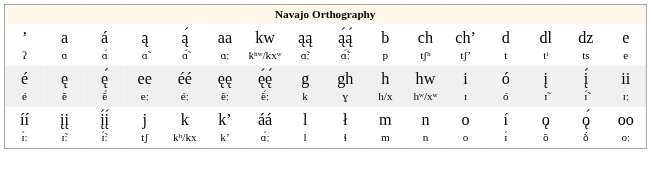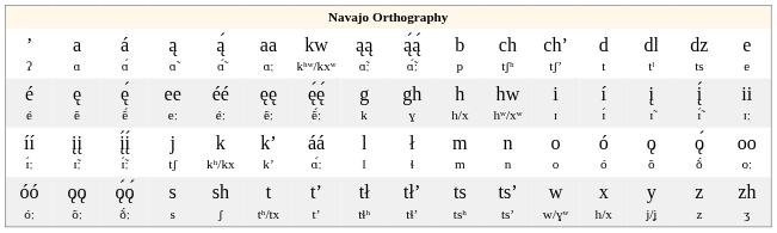 <table border="0" cellpadding="5" cellspacing="0" class="Unicode" style="vertical-align:top; border-collapse:collapse; border:1px solid #808080; text-align:center; clear:both;">
 <tr>
 <th colspan=16 style="background-color:#fff7e9; font-family:inherit; font-weight:normal;"><strong>Navajo Orthography</strong></th>
 </tr>
 <tr style="vertical-align:top; background:#ffffff; font-size:larger;">
 <td style="width:6.25%;"><big>ʼ</big><br><small>ʔ</small></td>
 <td style="width:6.25%;"><big>a</big><br><small>ɑ</small></td>
 <td style="width:6.25%;"><big>á</big><br><small>ɑ́</small></td>
 <td style="width:6.25%;"><big>ą</big><br><small>ɑ̃</small></td>
 <td style="width:6.25%;"><big>ą́</big><br><small>ɑ̃́</small></td>
 <td style="width:6.25%;"><big>aa</big><br><small>ɑː</small></td>
 <td style="width:6.25%;"><big>kw</big><br><small> kʰʷ/kxʷ</small></td>
 <td style="width:6.25%;"><big>ąą</big><br><small>ɑ̃ː</small></td>
 <td style="width:6.25%;"><big>ą́ą́</big><br><small>ɑ̃́ː</small></td>
 <td style="width:6.25%;"><big>b</big><br><small>p</small></td>
 <td style="width:6.25%;"><big>ch</big><br><small>tʃʰ</small></td>
 <td style="width:6.25%;"><big>chʼ</big><br><small>tʃʼ</small></td>
 <td style="width:6.25%;"><big>d</big><br><small>t</small></td>
 <td style="width:6.25%;"><big>dl</big><br><small>tˡ</small></td>
 <td style="width:6.25%;"><big>dz</big><br><small>ts</small></td>
 <td style="width:6.25%;"><big>e</big><br><small>e</small></td>
 </tr>
 <tr style="vertical-align:top; background:#f0f0f0; font-size:larger;">
 <td style="width:6.25%;"><big>é</big><br><small>é</small></td>
 <td style="width:6.25%;"><big>ę</big><br><small>ẽ</small></td>
 <td style="width:6.25%;"><big>ę́</big><br><small>ẽ́</small></td>
 <td style="width:6.25%;"><big>ee</big><br><small>eː</small></td>
 <td style="width:6.25%;"><big>éé</big><br><small>éː</small></td>
 <td style="width:6.25%;"><big>ęę</big><br><small>ẽː</small></td>
 <td style="width:6.25%;"><big>ę́ę́</big><br><small>ẽ́ː</small></td>
 <td style="width:6.25%;"><big>g</big><br><small>k</small></td>
 <td style="width:6.25%;"><big>gh</big><br><small>ɣ</small></td>
 <td style="width:6.25%;"><big>h</big><br><small>h/x</small></td>
 <td style="width:6.25%;"><big>hw</big><br><small>hʷ/xʷ</small></td>
 <td style="width:6.25%;"><big>i</big><br><small>ɪ</small></td>
-<td style="width:6.25%;"><big>ó</big><br><small>ó</small></td>
+<td style="width:6.25%;"><big>í</big><br><small>ɪ́</small></td>
 <td style="width:6.25%;"><big>į</big><br><small>ɪ̃</small></td>
 <td style="width:6.25%;"><big>į́</big><br><small>ɪ̃́</small></td>
 <td style="width:6.25%;"><big>ii</big><br><small>ɪː</small></td>
 </tr>
 <tr style="vertical-align:top; background:#ffffff; font-size:larger;">
 <td style="width:6.25%;"><big>íí</big><br><small>ɪ́ː</small></td>
 <td style="width:6.25%;"><big>įį</big><br><small>ɪ̃ː</small></td>
 <td style="width:6.25%;"><big>į́į́</big><br><small>ɪ̃́ː</small></td>
 <td style="width:6.25%;"><big>j</big><br><small>tʃ</small></td>
 <td style="width:6.25%;"><big>k</big><br><small>kʰ/kx</small></td>
 <td style="width:6.25%;"><big>kʼ</big><br><small>kʼ</small></td>
 <td style="width:6.25%;"><big>áá</big><br><small>ɑ́ː</small></td>
 <td style="width:6.25%;"><big>l</big><br><small>l</small></td>
 <td style="width:6.25%;"><big>ł</big><br><small>ɬ</small></td>
 <td style="width:6.25%;"><big>m</big><br><small>m</small></td>
 <td style="width:6.25%;"><big>n</big><br><small>n</small></td>
 <td style="width:6.25%;"><big>o</big><br><small>o</small></td>
-<td style="width:6.25%;"><big>í</big><br><small>ɪ́</small></td>
+<td style="width:6.25%;"><big>ó</big><br><small>ó</small></td>
 <td style="width:6.25%;"><big>ǫ</big><br><small>õ</small></td>
 <td style="width:6.25%;"><big>ǫ́</big><br><small>ṍ</small></td>
 <td style="width:6.25%;"><big>oo</big><br><small>oː</small></td>
 </tr>
+<tr style="vertical-align:top; background:#f0f0f0; font-size:larger;">
+<td style="width:6.25%;"><big>óó</big><br><small>óː</small></td>
+<td style="width:6.25%;"><big>ǫǫ</big><br><small>õː</small></td>
+<td style="width:6.25%;"><big>ǫ́ǫ́</big><br><small>ṍː</small></td>
+<td style="width:6.25%;"><big>s</big><br><small>s</small></td>
+<td style="width:6.25%;"><big>sh</big><br><small>ʃ</small></td>
+<td style="width:6.25%;"><big>t</big><br><small> tʰ/tx</small></td>
+<td style="width:6.25%;"><big>tʼ</big><br><small>tʼ</small></td>
+<td style="width:6.25%;"><big>tł</big><br><small>tɬʰ</small></td>
+<td style="width:6.25%;"><big>tłʼ</big><br><small>tɬʼ</small></td>
+<td style="width:6.25%;"><big>ts</big><br><small>tsʰ</small></td>
+<td style="width:6.25%;"><big>tsʼ</big><br><small>tsʼ</small></td>
+<td style="width:6.25%;"><big>w</big><br><small>w/ɣʷ</small></td>
+<td style="width:6.25%;"><big>x</big><br><small>h/x</small></td>
+<td style="width:6.25%;"><big>y</big><br><small>j/ʝ</small></td>
+<td style="width:6.25%;"><big>z</big><br><small>z</small></td>
+<td style="width:6.25%;"><big>zh</big><br><small>ʒ</small></td>
+</tr>
 </table>
